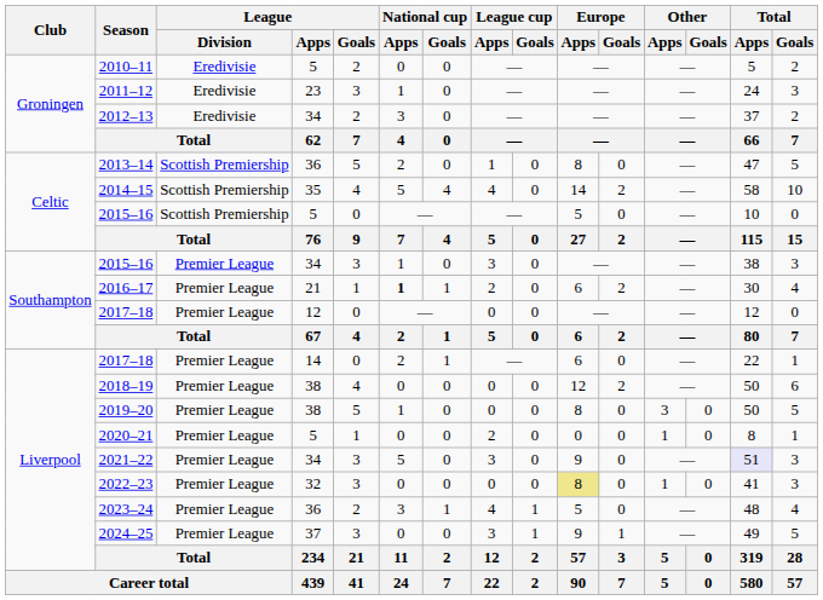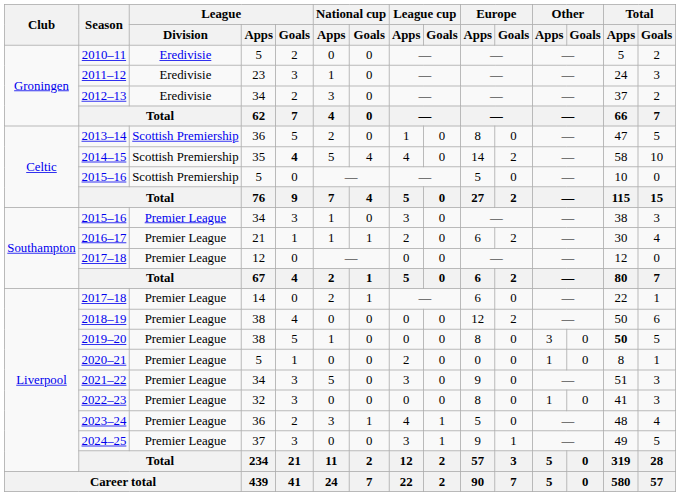 <table class="wikitable" style="text-align: center;">
 <tr>
 <th rowspan="2">Club</th>
 <th rowspan="2">Season</th>
 <th colspan="3">League</th>
 <th colspan="2">National cup</th>
 <th colspan="2">League cup</th>
 <th colspan="2">Europe</th>
 <th colspan="2">Other</th>
 <th colspan="2">Total</th>
 </tr>
 <tr>
 <th>Division</th>
 <th>Apps</th>
 <th>Goals</th>
 <th>Apps</th>
 <th>Goals</th>
 <th>Apps</th>
 <th>Goals</th>
 <th>Apps</th>
 <th>Goals</th>
 <th>Apps</th>
 <th>Goals</th>
 <th>Apps</th>
 <th>Goals</th>
 </tr>
 <tr>
 <td rowspan=4><a href='#'>Groningen</a></td>
 <td><a href='#'>2010–11</a></td>
 <td><a href='#'>Eredivisie</a></td>
 <td>5</td>
 <td>2</td>
 <td>0</td>
 <td>0</td>
 <td colspan="2">—</td>
 <td colspan="2">—</td>
 <td colspan="2">—</td>
 <td>5</td>
 <td>2</td>
 </tr>
 <tr>
 <td><a href='#'>2011–12</a></td>
 <td>Eredivisie</td>
 <td>23</td>
 <td>3</td>
 <td>1</td>
 <td>0</td>
 <td colspan="2">—</td>
 <td colspan="2">—</td>
 <td colspan="2">—</td>
 <td>24</td>
 <td>3</td>
 </tr>
 <tr>
 <td><a href='#'>2012–13</a></td>
 <td>Eredivisie</td>
 <td>34</td>
 <td>2</td>
 <td>3</td>
 <td>0</td>
 <td colspan="2">—</td>
 <td colspan="2">—</td>
 <td colspan="2">—</td>
 <td>37</td>
 <td>2</td>
 </tr>
 <tr>
 <th colspan="2">Total</th>
 <th>62</th>
 <th>7</th>
 <th>4</th>
 <th>0</th>
 <th colspan="2">—</th>
 <th colspan="2">—</th>
 <th colspan="2">—</th>
 <th>66</th>
 <th>7</th>
 </tr>
 <tr>
 <td rowspan="4"><a href='#'>Celtic</a></td>
 <td><a href='#'>2013–14</a></td>
 <td><a href='#'>Scottish Premiership</a></td>
 <td>36</td>
 <td>5</td>
 <td>2</td>
 <td>0</td>
 <td>1</td>
 <td>0</td>
 <td>8</td>
 <td>0</td>
 <td colspan="2">—</td>
 <td>47</td>
 <td>5</td>
 </tr>
 <tr>
 <td><a href='#'>2014–15</a></td>
 <td>Scottish Premiership</td>
 <td>35</td>
-<td>4</td>
+<td><strong>4</strong></td>
 <td>5</td>
 <td>4</td>
 <td>4</td>
 <td>0</td>
 <td>14</td>
 <td>2</td>
 <td colspan="2">—</td>
 <td>58</td>
 <td>10</td>
 </tr>
 <tr>
 <td><a href='#'>2015–16</a></td>
 <td>Scottish Premiership</td>
 <td>5</td>
 <td>0</td>
 <td colspan="2">—</td>
 <td colspan="2">—</td>
 <td>5</td>
 <td>0</td>
 <td colspan="2">—</td>
 <td>10</td>
 <td>0</td>
 </tr>
 <tr>
 <th colspan="2">Total</th>
 <th>76</th>
 <th>9</th>
 <th>7</th>
 <th>4</th>
 <th>5</th>
 <th>0</th>
 <th>27</th>
 <th>2</th>
 <th colspan=2>—</th>
 <th>115</th>
 <th>15</th>
 </tr>
 <tr>
 <td rowspan="4"><a href='#'>Southampton</a></td>
 <td><a href='#'>2015–16</a></td>
 <td><a href='#'>Premier League</a></td>
 <td>34</td>
 <td>3</td>
 <td>1</td>
 <td>0</td>
 <td>3</td>
 <td>0</td>
 <td colspan="2">—</td>
 <td colspan="2">—</td>
 <td>38</td>
 <td>3</td>
 </tr>
 <tr>
 <td><a href='#'>2016–17</a></td>
 <td>Premier League</td>
 <td>21</td>
 <td>1</td>
-<td><strong>1</strong></td>
+<td>1</td>
 <td>1</td>
 <td>2</td>
 <td>0</td>
 <td>6</td>
 <td>2</td>
 <td colspan="2">—</td>
 <td>30</td>
 <td>4</td>
 </tr>
 <tr>
 <td><a href='#'>2017–18</a></td>
 <td>Premier League</td>
 <td>12</td>
 <td>0</td>
 <td colspan="2">—</td>
 <td>0</td>
 <td>0</td>
 <td colspan="2">—</td>
 <td colspan="2">—</td>
 <td>12</td>
 <td>0</td>
 </tr>
 <tr>
 <th colspan="2">Total</th>
 <th>67</th>
 <th>4</th>
 <th>2</th>
 <th>1</th>
 <th>5</th>
 <th>0</th>
 <th>6</th>
 <th>2</th>
 <th colspan="2">—</th>
 <th>80</th>
 <th>7</th>
 </tr>
 <tr>
 <td rowspan="9"><a href='#'>Liverpool</a></td>
 <td><a href='#'>2017–18</a></td>
 <td>Premier League</td>
 <td>14</td>
 <td>0</td>
 <td>2</td>
 <td>1</td>
 <td colspan="2">—</td>
 <td>6</td>
 <td>0</td>
 <td colspan="2">—</td>
 <td>22</td>
 <td>1</td>
 </tr>
 <tr>
 <td><a href='#'>2018–19</a></td>
 <td>Premier League</td>
 <td>38</td>
 <td>4</td>
 <td>0</td>
 <td>0</td>
 <td>0</td>
 <td>0</td>
 <td>12</td>
 <td>2</td>
 <td colspan="2">—</td>
 <td>50</td>
 <td>6</td>
 </tr>
 <tr>
 <td><a href='#'>2019–20</a></td>
 <td>Premier League</td>
 <td>38</td>
 <td>5</td>
 <td>1</td>
 <td>0</td>
 <td>0</td>
 <td>0</td>
 <td>8</td>
 <td>0</td>
 <td>3</td>
 <td>0</td>
-<td>50</td>
+<td><strong>50</strong></td>
 <td>5</td>
 </tr>
 <tr>
 <td><a href='#'>2020–21</a></td>
 <td>Premier League</td>
 <td>5</td>
 <td>1</td>
 <td>0</td>
 <td>0</td>
 <td>2</td>
 <td>0</td>
 <td>0</td>
 <td>0</td>
 <td>1</td>
 <td>0</td>
 <td>8</td>
 <td>1</td>
 </tr>
 <tr>
 <td><a href='#'>2021–22</a></td>
 <td>Premier League</td>
 <td>34</td>
 <td>3</td>
 <td>5</td>
 <td>0</td>
 <td>3</td>
 <td>0</td>
 <td>9</td>
 <td>0</td>
 <td colspan="2">—</td>
-<td style="background: lavender;">51</td>
+<td>51</td>
 <td>3</td>
 </tr>
 <tr>
 <td><a href='#'>2022–23</a></td>
 <td>Premier League</td>
 <td>32</td>
 <td>3</td>
 <td>0</td>
 <td>0</td>
 <td>0</td>
 <td>0</td>
-<td style="background: khaki;">8</td>
+<td>8</td>
 <td>0</td>
 <td>1</td>
 <td>0</td>
 <td>41</td>
 <td>3</td>
 </tr>
 <tr>
 <td><a href='#'>2023–24</a></td>
 <td>Premier League</td>
 <td>36</td>
 <td>2</td>
 <td>3</td>
 <td>1</td>
 <td>4</td>
 <td>1</td>
 <td>5</td>
 <td>0</td>
 <td colspan="2">—</td>
 <td>48</td>
 <td>4</td>
 </tr>
 <tr>
 <td><a href='#'>2024–25</a></td>
 <td>Premier League</td>
 <td>37</td>
 <td>3</td>
 <td>0</td>
 <td>0</td>
 <td>3</td>
 <td>1</td>
 <td>9</td>
 <td>1</td>
 <td colspan="2">—</td>
 <td>49</td>
 <td>5</td>
 </tr>
 <tr>
 <th colspan="2">Total</th>
 <th>234</th>
 <th>21</th>
 <th>11</th>
 <th>2</th>
 <th>12</th>
 <th>2</th>
 <th>57</th>
 <th>3</th>
 <th>5</th>
 <th>0</th>
 <th>319</th>
 <th>28</th>
 </tr>
 <tr>
 <th colspan="3">Career total</th>
 <th>439</th>
 <th>41</th>
 <th>24</th>
 <th>7</th>
 <th>22</th>
 <th>2</th>
 <th>90</th>
 <th>7</th>
 <th>5</th>
 <th>0</th>
 <th>580</th>
 <th>57</th>
 </tr>
 </table>
